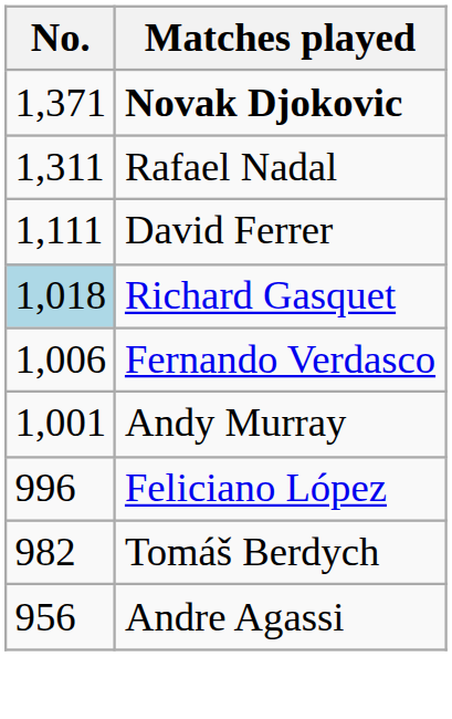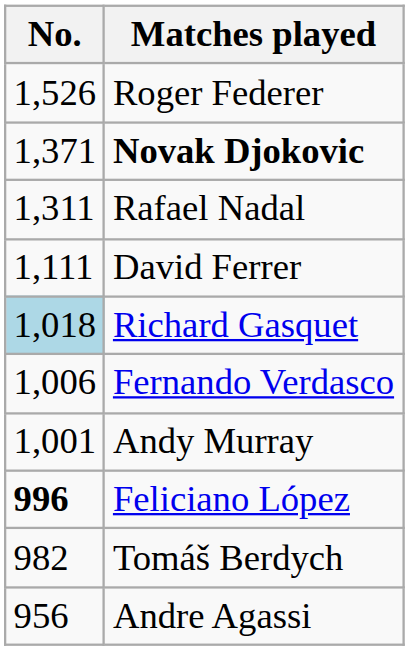 <table class="wikitable" style="display: inline-table;">
 <tr>
 <th>No.</th>
 <th>Matches played</th>
+</tr>
+<tr>
+<td>1,526</td>
+<td> Roger Federer</td>
 </tr>
 <tr>
 <td>1,371</td>
 <td> <strong>Novak Djokovic</strong></td>
 </tr>
 <tr>
 <td>1,311</td>
 <td> Rafael Nadal</td>
 </tr>
 <tr>
 <td>1,111</td>
 <td> David Ferrer</td>
 </tr>
 <tr>
 <td style="background: lightblue;">1,018</td>
 <td> <a href='#'>Richard Gasquet</a></td>
 </tr>
 <tr>
 <td>1,006</td>
 <td> <a href='#'>Fernando Verdasco</a></td>
 </tr>
 <tr>
 <td>1,001</td>
 <td> Andy Murray</td>
 </tr>
 <tr>
-<td>996</td>
+<td><strong>996</strong></td>
 <td> <a href='#'>Feliciano López</a></td>
 </tr>
 <tr>
 <td>982</td>
 <td> Tomáš Berdych</td>
 </tr>
 <tr>
 <td>956</td>
 <td> Andre Agassi </td>
 </tr>
 </table>
